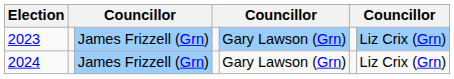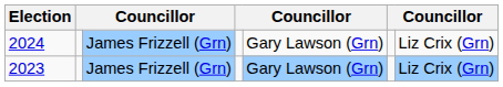 <table class="wikitable">
 <tr>
 <th>Election</th>
 <th colspan="2">Councillor</th>
 <th colspan="2">Councillor</th>
 <th colspan="2">Councillor</th>
+</tr>
+<tr>
+<td><a href='#'>2024</a></td>
+<td style="background-color: "></td>
+<td bgcolor="#99CCFF">James Frizzell (<a href='#'>Grn</a>)</td>
+<td style="background-color: "></td>
+<td>Gary Lawson (<a href='#'>Grn</a>)</td>
+<td style="background-color: "></td>
+<td>Liz Crix (<a href='#'>Grn</a>)</td>
 </tr>
 <tr>
 <td><a href='#'>2023</a></td>
 <td style="background-color: "></td>
 <td bgcolor="#99CCFF">James Frizzell (<a href='#'>Grn</a>)</td>
 <td style="background-color: "></td>
 <td bgcolor="#99CCFF">Gary Lawson (<a href='#'>Grn</a>)</td>
 <td style="background-color: "></td>
 <td bgcolor="#99CCFF">Liz Crix (<a href='#'>Grn</a>)</td>
 </tr>
-<tr>
-<td><a href='#'>2024</a></td>
-<td style="background-color: "></td>
-<td bgcolor="#99CCFF">James Frizzell (<a href='#'>Grn</a>)</td>
-<td style="background-color: "></td>
-<td>Gary Lawson (<a href='#'>Grn</a>)</td>
-<td style="background-color: "></td>
-<td>Liz Crix (<a href='#'>Grn</a>)</td>
-</tr>
 </table>
